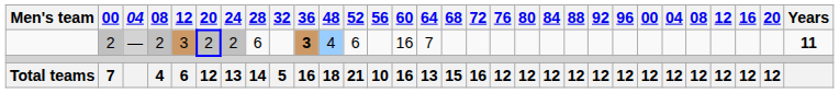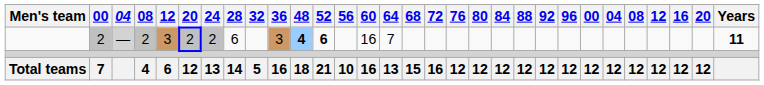 <table class="wikitable" style="text-align: center; font-size: 90%; margin-left: 1em;">
 <tr>
 <th>Men's team</th>
 <th><a href='#'>00</a></th>
 <th><em><a href='#'>04</a></em></th>
 <th><a href='#'>08</a></th>
 <th><a href='#'>12</a></th>
 <th><a href='#'>20</a></th>
 <th><a href='#'>24</a></th>
 <th><a href='#'>28</a></th>
 <th><a href='#'>32</a></th>
 <th><a href='#'>36</a></th>
 <th><a href='#'>48</a></th>
 <th><a href='#'>52</a></th>
 <th><a href='#'>56</a></th>
 <th><a href='#'>60</a></th>
 <th><a href='#'>64</a></th>
 <th><a href='#'>68</a></th>
 <th><a href='#'>72</a></th>
 <th><a href='#'>76</a></th>
 <th><a href='#'>80</a></th>
 <th><a href='#'>84</a></th>
 <th><a href='#'>88</a></th>
 <th><a href='#'>92</a></th>
 <th><a href='#'>96</a></th>
 <th><a href='#'>00</a></th>
 <th><a href='#'>04</a></th>
 <th><a href='#'>08</a></th>
 <th><a href='#'>12</a></th>
 <th><a href='#'>16</a></th>
 <th><a href='#'>20</a></th>
 <th>Years</th>
 </tr>
 <tr>
 <td style="text-align: left;"></td>
 <td style="background-color: silver;">2</td>
 <td style="background-color: lightgray;">—</td>
 <td style="background-color: silver;">2</td>
 <td style="background-color: #cc9966;">3</td>
 <td style="border: 2px solid blue; background-color: silver;">2</td>
 <td style="background-color: silver;">2</td>
 <td>6</td>
 <td></td>
-<td style="background-color: #cc9966;"><strong>3</strong></td>
-<td style="background-color: #9acdff;">4</td>
-<td>6</td>
+<td style="background-color: #cc9966;">3</td>
+<td style="background-color: #9acdff;"><strong>4</strong></td>
+<td><strong>6</strong></td>
 <td></td>
 <td>16</td>
 <td>7</td>
 <td></td>
 <td></td>
 <td></td>
 <td></td>
 <td></td>
 <td></td>
 <td></td>
 <td></td>
 <td></td>
 <td></td>
 <td></td>
 <td></td>
 <td></td>
 <td></td>
 <td><strong>11</strong></td>
 </tr>
 <tr style="background-color: lightgrey;">
 <td colspan="30"></td>
 </tr>
 <tr>
 <th>Total teams</th>
 <th>7</th>
 <th></th>
 <th>4</th>
 <th>6</th>
 <th>12</th>
 <th>13</th>
 <th>14</th>
 <th>5</th>
 <th>16</th>
 <th>18</th>
 <th>21</th>
 <th>10</th>
 <th>16</th>
 <th>13</th>
 <th>15</th>
 <th>16</th>
 <th>12</th>
 <th>12</th>
 <th>12</th>
 <th>12</th>
 <th>12</th>
 <th>12</th>
 <th>12</th>
 <th>12</th>
 <th>12</th>
 <th>12</th>
 <th>12</th>
 <th>12</th>
 <th></th>
 </tr>
 </table>
